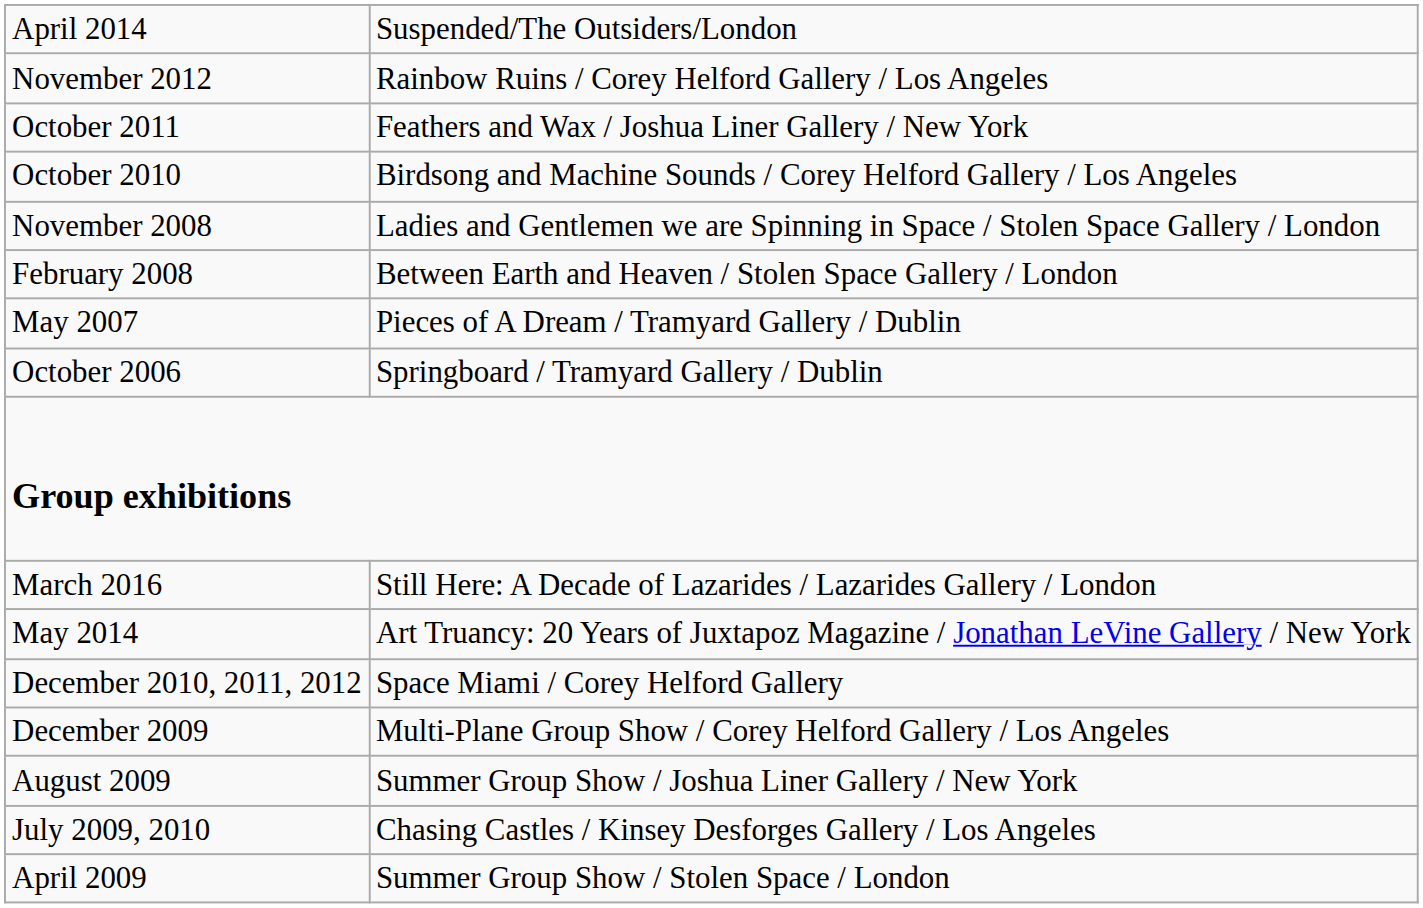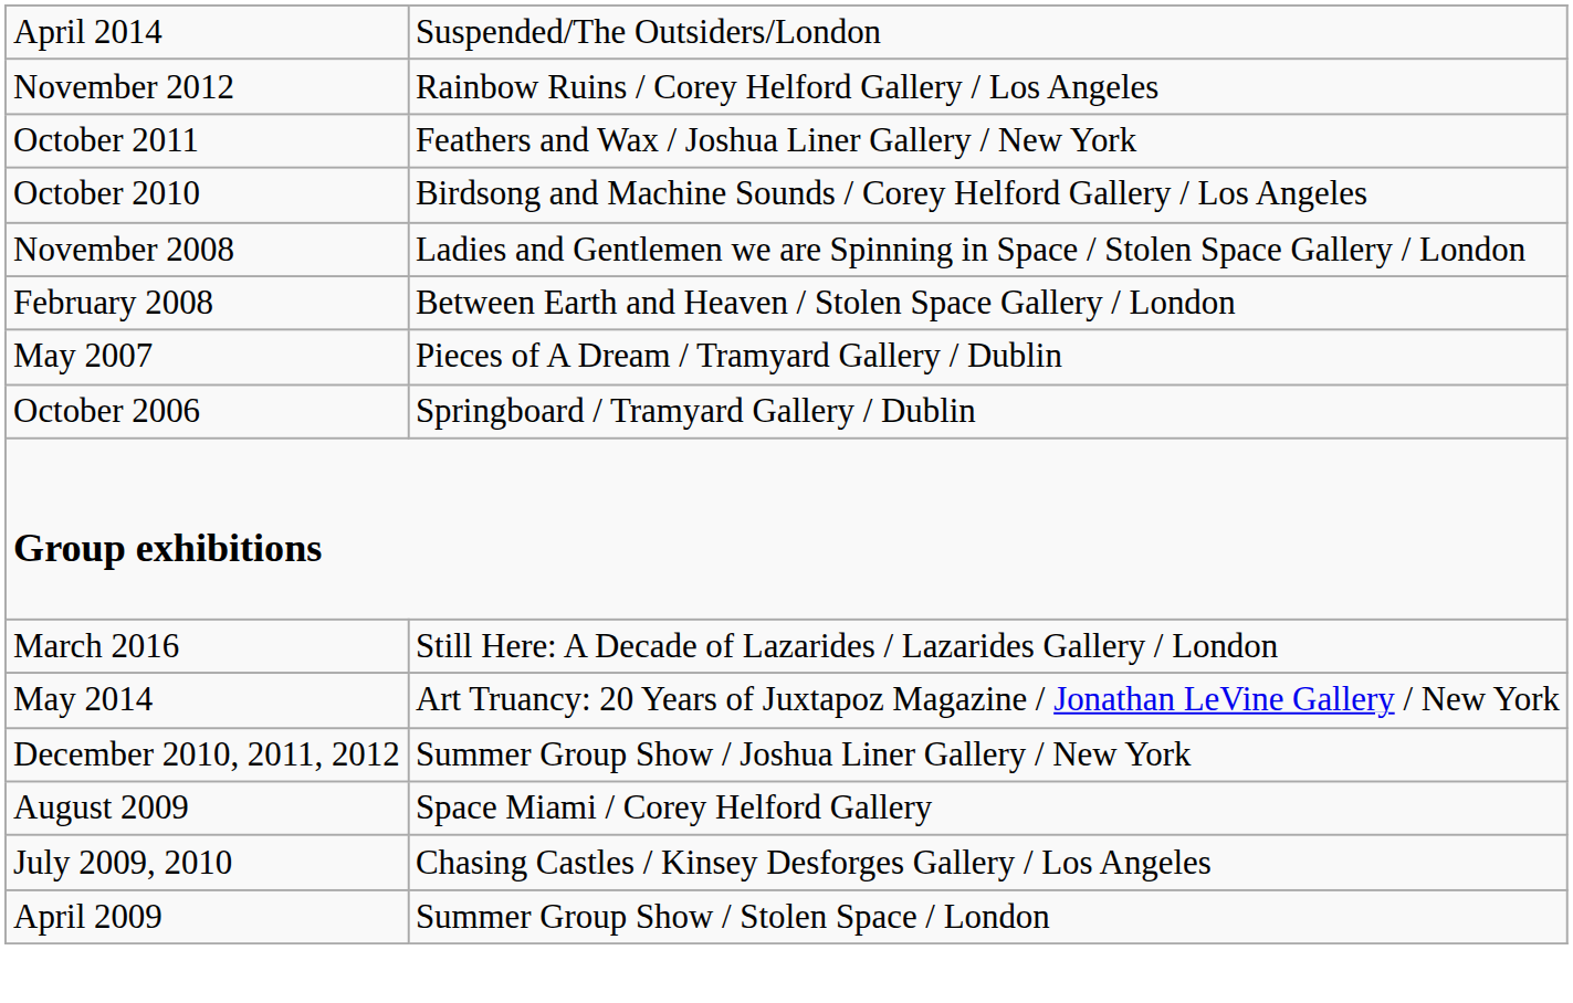 <table class="wikitable">
 <tr>
 <td>April 2014</td>
 <td>Suspended/The Outsiders/London</td>
 </tr>
 <tr>
 <td>November 2012</td>
 <td>Rainbow Ruins / Corey Helford Gallery / Los Angeles</td>
 </tr>
 <tr>
 <td>October 2011</td>
 <td>Feathers and Wax / Joshua Liner Gallery / New York</td>
 </tr>
 <tr>
 <td>October 2010</td>
 <td>Birdsong and Machine Sounds / Corey Helford Gallery / Los Angeles</td>
 </tr>
 <tr>
 <td>November 2008</td>
 <td>Ladies and Gentlemen we are Spinning in Space / Stolen Space Gallery / London</td>
 </tr>
 <tr>
 <td>February 2008</td>
 <td>Between Earth and Heaven / Stolen Space Gallery / London</td>
 </tr>
 <tr>
 <td>May 2007</td>
 <td>Pieces of A Dream / Tramyard Gallery / Dublin</td>
 </tr>
 <tr>
 <td>October 2006</td>
 <td>Springboard / Tramyard Gallery / Dublin</td>
 </tr>
 <tr>
 <td colspan="2"><br><h3>Group exhibitions</h3></td>
 </tr>
 <tr>
 <td>March 2016</td>
 <td>Still Here: A Decade of Lazarides / Lazarides Gallery / London</td>
 </tr>
 <tr>
 <td>May 2014</td>
 <td>Art Truancy: 20 Years of Juxtapoz Magazine / <a href='#'>Jonathan LeVine Gallery</a> / New York</td>
 </tr>
 <tr>
 <td>December 2010, 2011, 2012</td>
-<td>Space Miami / Corey Helford Gallery</td>
-</tr>
-<tr>
-<td>December 2009</td>
-<td>Multi-Plane Group Show / Corey Helford Gallery / Los Angeles</td>
+<td>Summer Group Show / Joshua Liner Gallery / New York</td>
 </tr>
 <tr>
 <td>August 2009</td>
-<td>Summer Group Show / Joshua Liner Gallery / New York</td>
+<td>Space Miami / Corey Helford Gallery</td>
 </tr>
 <tr>
 <td>July 2009, 2010</td>
 <td>Chasing Castles / Kinsey Desforges Gallery / Los Angeles</td>
 </tr>
 <tr>
 <td>April 2009</td>
 <td>Summer Group Show / Stolen Space / London</td>
 </tr>
 </table>
